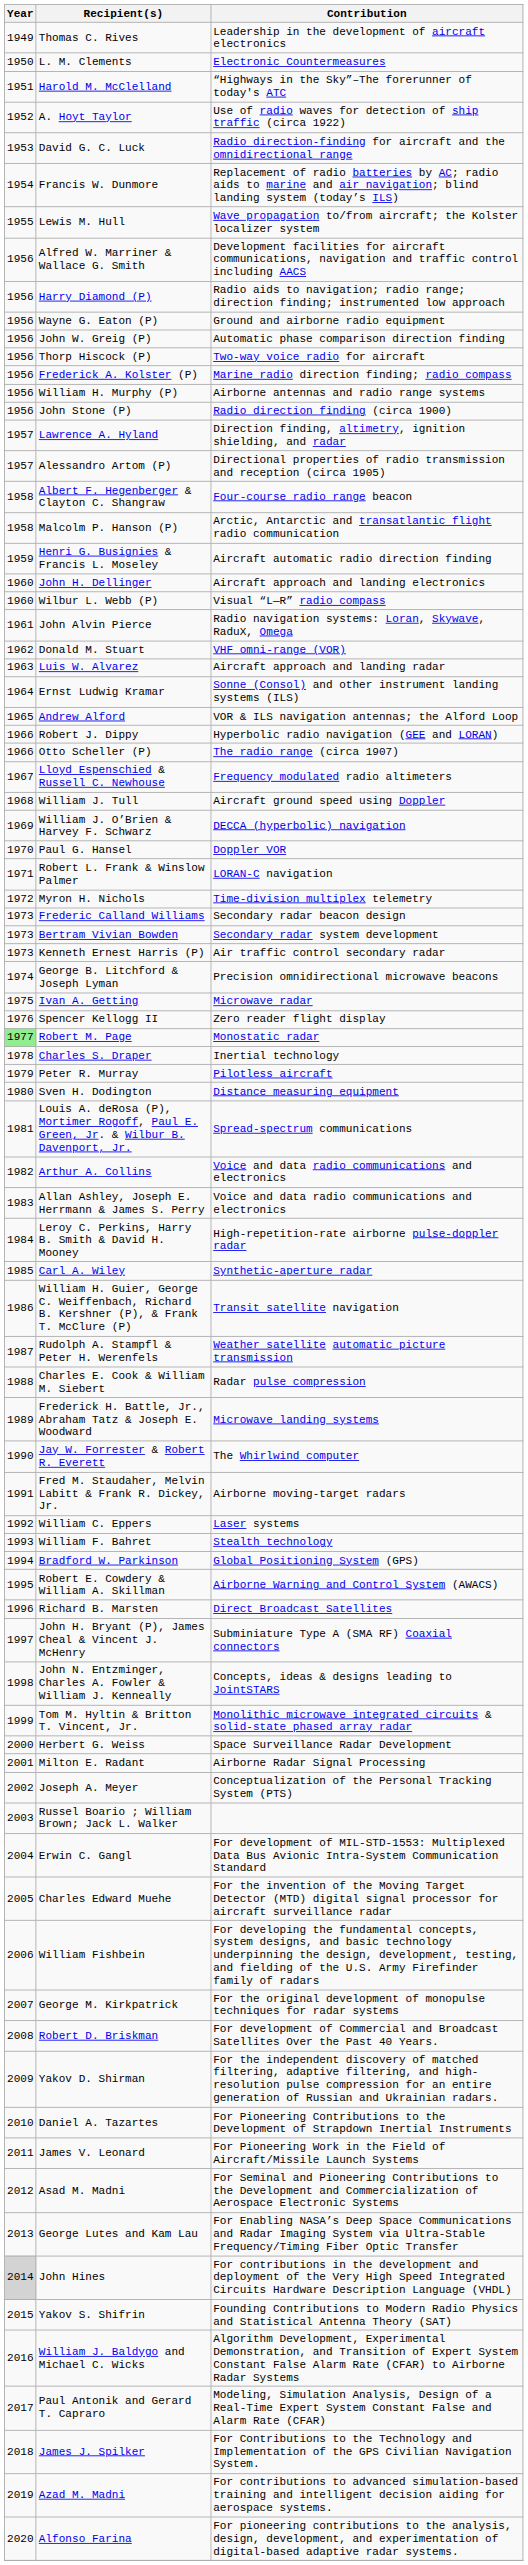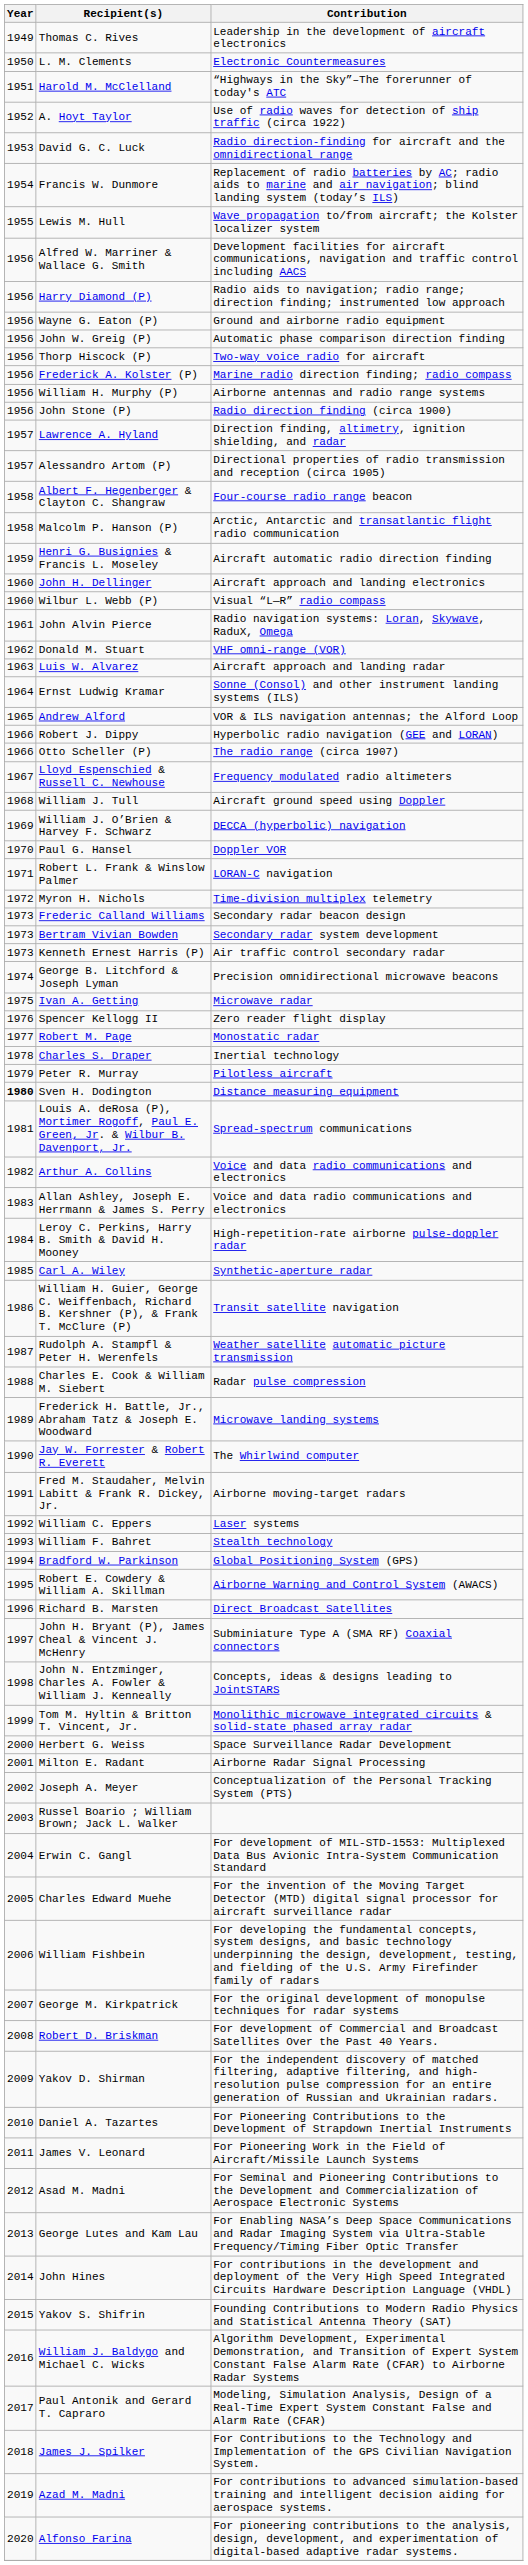 <table class="wikitable">
 <tr>
 <th>Year</th>
 <th>Recipient(s)</th>
 <th>Contribution</th>
 </tr>
 <tr>
 <td>1949</td>
 <td>Thomas C. Rives</td>
 <td>Leadership in the development of <a href='#'>aircraft</a> electronics</td>
 </tr>
 <tr>
 <td>1950</td>
 <td>L. M. Clements</td>
 <td><a href='#'>Electronic Countermeasures</a></td>
 </tr>
 <tr>
 <td>1951</td>
 <td><a href='#'>Harold M. McClelland</a></td>
 <td>“Highways in the Sky”–The forerunner of today's <a href='#'>ATC</a></td>
 </tr>
 <tr>
 <td>1952</td>
 <td>A. <a href='#'>Hoyt Taylor</a></td>
 <td>Use of <a href='#'>radio</a> waves for detection of <a href='#'>ship traffic</a> (circa 1922)</td>
 </tr>
 <tr>
 <td>1953</td>
 <td>David G. C. Luck</td>
 <td><a href='#'>Radio direction-finding</a> for aircraft and the <a href='#'>omnidirectional range</a></td>
 </tr>
 <tr>
 <td>1954</td>
 <td>Francis W. Dunmore</td>
 <td>Replacement of radio <a href='#'>batteries</a> by <a href='#'>AC</a>; radio aids to <a href='#'>marine</a> and <a href='#'>air navigation</a>; blind landing system (today’s <a href='#'>ILS</a>)</td>
 </tr>
 <tr>
 <td>1955</td>
 <td>Lewis M. Hull</td>
 <td><a href='#'>Wave propagation</a> to/from aircraft; the Kolster localizer system</td>
 </tr>
 <tr>
 <td>1956</td>
 <td>Alfred W. Marriner & Wallace G. Smith</td>
 <td>Development facilities for aircraft communications, navigation and traffic control including <a href='#'>AACS</a></td>
 </tr>
 <tr>
 <td>1956</td>
 <td><a href='#'>Harry Diamond (P)</a></td>
 <td>Radio aids to navigation; radio range; direction finding; instrumented low approach</td>
 </tr>
 <tr>
 <td>1956</td>
 <td>Wayne G. Eaton (P)</td>
 <td>Ground and airborne radio equipment</td>
 </tr>
 <tr>
 <td>1956</td>
 <td>John W. Greig (P)</td>
 <td>Automatic phase comparison direction finding</td>
 </tr>
 <tr>
 <td>1956</td>
 <td>Thorp Hiscock (P)</td>
 <td><a href='#'>Two-way voice radio</a> for aircraft</td>
 </tr>
 <tr>
 <td>1956</td>
 <td><a href='#'>Frederick A. Kolster</a> (P)</td>
 <td><a href='#'>Marine radio</a> direction finding; <a href='#'>radio compass</a></td>
 </tr>
 <tr>
 <td>1956</td>
 <td>William H. Murphy (P)</td>
 <td>Airborne antennas and radio range systems</td>
 </tr>
 <tr>
 <td>1956</td>
 <td>John Stone (P)</td>
 <td><a href='#'>Radio direction finding</a> (circa 1900)</td>
 </tr>
 <tr>
 <td>1957</td>
 <td><a href='#'>Lawrence A. Hyland</a></td>
 <td>Direction finding, <a href='#'>altimetry</a>, ignition shielding, and <a href='#'>radar</a></td>
 </tr>
 <tr>
 <td>1957</td>
 <td>Alessandro Artom (P)</td>
 <td>Directional properties of radio transmission and reception (circa 1905)</td>
 </tr>
 <tr>
 <td>1958</td>
 <td><a href='#'>Albert F. Hegenberger</a> & Clayton C. Shangraw</td>
 <td><a href='#'>Four-course radio range</a> beacon</td>
 </tr>
 <tr>
 <td>1958</td>
 <td>Malcolm P. Hanson (P)</td>
 <td>Arctic, Antarctic and <a href='#'>transatlantic flight</a> radio communication</td>
 </tr>
 <tr>
 <td>1959</td>
 <td><a href='#'>Henri G. Busignies</a> & Francis L. Moseley</td>
 <td>Aircraft automatic radio direction finding</td>
 </tr>
 <tr>
 <td>1960</td>
 <td><a href='#'>John H. Dellinger</a></td>
 <td>Aircraft approach and landing electronics</td>
 </tr>
 <tr>
 <td>1960</td>
 <td>Wilbur L. Webb (P)</td>
 <td>Visual “L—R” <a href='#'>radio compass</a></td>
 </tr>
 <tr>
 <td>1961</td>
 <td>John Alvin Pierce</td>
 <td>Radio navigation systems: <a href='#'>Loran</a>, <a href='#'>Skywave</a>, RaduX, <a href='#'>Omega</a></td>
 </tr>
 <tr>
 <td>1962</td>
 <td>Donald M. Stuart</td>
 <td><a href='#'>VHF omni-range (VOR)</a></td>
 </tr>
 <tr>
 <td>1963</td>
 <td><a href='#'>Luis W. Alvarez</a></td>
 <td>Aircraft approach and landing radar</td>
 </tr>
 <tr>
 <td>1964</td>
 <td>Ernst Ludwig Kramar</td>
 <td><a href='#'>Sonne (Consol)</a> and other instrument landing systems (ILS)</td>
 </tr>
 <tr>
 <td>1965</td>
 <td><a href='#'>Andrew Alford</a></td>
 <td>VOR & ILS navigation antennas; the Alford Loop</td>
 </tr>
 <tr>
 <td>1966</td>
 <td>Robert J. Dippy</td>
 <td>Hyperbolic radio navigation (<a href='#'>GEE</a> and <a href='#'>LORAN</a>)</td>
 </tr>
 <tr>
 <td>1966</td>
 <td>Otto Scheller (P)</td>
 <td><a href='#'>The radio range</a> (circa 1907)</td>
 </tr>
 <tr>
 <td>1967</td>
 <td><a href='#'>Lloyd Espenschied</a> & <a href='#'>Russell C. Newhouse</a></td>
 <td><a href='#'>Frequency modulated</a> radio altimeters</td>
 </tr>
 <tr>
 <td>1968</td>
 <td>William J. Tull</td>
 <td>Aircraft ground speed using <a href='#'>Doppler</a></td>
 </tr>
 <tr>
 <td>1969</td>
 <td>William J. O’Brien & Harvey F. Schwarz</td>
 <td><a href='#'>DECCA (hyperbolic) navigation</a></td>
 </tr>
 <tr>
 <td>1970</td>
 <td>Paul G. Hansel</td>
 <td><a href='#'>Doppler VOR</a></td>
 </tr>
 <tr>
 <td>1971</td>
 <td>Robert L. Frank & Winslow Palmer</td>
 <td><a href='#'>LORAN-C</a> navigation</td>
 </tr>
 <tr>
 <td>1972</td>
 <td>Myron H. Nichols</td>
 <td><a href='#'>Time-division multiplex</a> telemetry</td>
 </tr>
 <tr>
 <td>1973</td>
 <td><a href='#'>Frederic Calland Williams</a></td>
 <td>Secondary radar beacon design</td>
 </tr>
 <tr>
 <td>1973</td>
 <td><a href='#'>Bertram Vivian Bowden</a></td>
 <td><a href='#'>Secondary radar</a> system development</td>
 </tr>
 <tr>
 <td>1973</td>
 <td>Kenneth Ernest Harris (P)</td>
 <td>Air traffic control secondary radar</td>
 </tr>
 <tr>
 <td>1974</td>
 <td>George B. Litchford & Joseph Lyman</td>
 <td>Precision omnidirectional microwave beacons</td>
 </tr>
 <tr>
 <td>1975</td>
 <td><a href='#'>Ivan A. Getting</a></td>
 <td><a href='#'>Microwave radar</a></td>
 </tr>
 <tr>
 <td>1976</td>
 <td>Spencer Kellogg II</td>
 <td>Zero reader flight display</td>
 </tr>
 <tr>
-<td style="background: lightgreen;">1977</td>
+<td>1977</td>
 <td><a href='#'>Robert M. Page</a></td>
 <td><a href='#'>Monostatic radar</a></td>
 </tr>
 <tr>
 <td>1978</td>
 <td><a href='#'>Charles S. Draper</a></td>
 <td>Inertial technology</td>
 </tr>
 <tr>
 <td>1979</td>
 <td>Peter R. Murray</td>
 <td><a href='#'>Pilotless aircraft</a></td>
 </tr>
 <tr>
-<td>1980</td>
+<td><strong>1980</strong></td>
 <td>Sven H. Dodington</td>
 <td><a href='#'>Distance measuring equipment</a></td>
 </tr>
 <tr>
 <td>1981</td>
 <td>Louis A. deRosa (P), <a href='#'>Mortimer Rogoff</a>, <a href='#'>Paul E. Green, Jr</a>. & <a href='#'>Wilbur B. Davenport, Jr.</a></td>
 <td><a href='#'>Spread-spectrum</a> communications</td>
 </tr>
 <tr>
 <td>1982</td>
 <td><a href='#'>Arthur A. Collins</a></td>
 <td><a href='#'>Voice</a> and data <a href='#'>radio communications</a> and electronics</td>
 </tr>
 <tr>
 <td>1983</td>
 <td>Allan Ashley, Joseph E. Herrmann & James S. Perry</td>
 <td>Voice and data radio communications and electronics</td>
 </tr>
 <tr>
 <td>1984</td>
 <td>Leroy C. Perkins, Harry B. Smith & David H. Mooney</td>
 <td>High-repetition-rate airborne <a href='#'>pulse-doppler radar</a></td>
 </tr>
 <tr>
 <td>1985</td>
 <td><a href='#'>Carl A. Wiley</a></td>
 <td><a href='#'>Synthetic-aperture radar</a></td>
 </tr>
 <tr>
 <td>1986</td>
 <td>William H. Guier, George C. Weiffenbach, Richard B. Kershner (P), & Frank T. McClure (P)</td>
 <td><a href='#'>Transit satellite</a> navigation</td>
 </tr>
 <tr>
 <td>1987</td>
 <td>Rudolph A. Stampfl & Peter H. Werenfels</td>
 <td><a href='#'>Weather satellite</a> <a href='#'>automatic picture transmission</a></td>
 </tr>
 <tr>
 <td>1988</td>
 <td>Charles E. Cook & William M. Siebert</td>
 <td>Radar <a href='#'>pulse compression</a></td>
 </tr>
 <tr>
 <td>1989</td>
 <td>Frederick H. Battle, Jr., Abraham Tatz & Joseph E. Woodward</td>
 <td><a href='#'>Microwave landing systems</a></td>
 </tr>
 <tr>
 <td>1990</td>
 <td><a href='#'>Jay W. Forrester</a> & <a href='#'>Robert R. Everett</a></td>
 <td>The <a href='#'>Whirlwind computer</a></td>
 </tr>
 <tr>
 <td>1991</td>
 <td>Fred M. Staudaher, Melvin Labitt & Frank R. Dickey, Jr.</td>
 <td>Airborne moving-target radars</td>
 </tr>
 <tr>
 <td>1992</td>
 <td>William C. Eppers</td>
 <td><a href='#'>Laser</a> systems</td>
 </tr>
 <tr>
 <td>1993</td>
 <td>William F. Bahret</td>
 <td><a href='#'>Stealth technology</a></td>
 </tr>
 <tr>
 <td>1994</td>
 <td><a href='#'>Bradford W. Parkinson</a></td>
 <td><a href='#'>Global Positioning System</a> (GPS)</td>
 </tr>
 <tr>
 <td>1995</td>
 <td>Robert E. Cowdery & William A. Skillman</td>
 <td><a href='#'>Airborne Warning and Control System</a> (AWACS)</td>
 </tr>
 <tr>
 <td>1996</td>
 <td>Richard B. Marsten</td>
 <td><a href='#'>Direct Broadcast Satellites</a></td>
 </tr>
 <tr>
 <td>1997</td>
 <td>John H. Bryant (P), James Cheal & Vincent J. McHenry</td>
 <td>Subminiature Type A (SMA RF) <a href='#'>Coaxial connectors</a></td>
 </tr>
 <tr>
 <td>1998</td>
 <td>John N. Entzminger, Charles A. Fowler & William J. Kenneally</td>
 <td>Concepts, ideas & designs leading to <a href='#'>JointSTARS</a></td>
 </tr>
 <tr>
 <td>1999</td>
 <td>Tom M. Hyltin & Britton T. Vincent, Jr.</td>
 <td><a href='#'>Monolithic microwave integrated circuits</a> & <a href='#'>solid-state phased array radar</a></td>
 </tr>
 <tr>
 <td>2000</td>
 <td>Herbert G. Weiss</td>
 <td>Space Surveillance Radar Development</td>
 </tr>
 <tr>
 <td>2001</td>
 <td>Milton E. Radant</td>
 <td>Airborne Radar Signal Processing</td>
 </tr>
 <tr>
 <td>2002</td>
 <td>Joseph A. Meyer</td>
 <td>Conceptualization of the Personal Tracking System (PTS)</td>
 </tr>
 <tr>
 <td>2003</td>
 <td>Russel Boario ; William Brown; Jack L. Walker</td>
 <td></td>
 </tr>
 <tr>
 <td>2004</td>
 <td>Erwin C. Gangl</td>
 <td>For development of MIL-STD-1553: Multiplexed Data Bus Avionic Intra-System Communication Standard</td>
 </tr>
 <tr>
 <td>2005</td>
 <td>Charles Edward Muehe</td>
 <td>For the invention of the Moving Target Detector (MTD) digital signal processor for aircraft surveillance radar</td>
 </tr>
 <tr>
 <td>2006</td>
 <td>William Fishbein</td>
 <td>For developing the fundamental concepts, system designs, and basic technology underpinning the design, development, testing, and fielding of the U.S. Army Firefinder family of radars</td>
 </tr>
 <tr>
 <td>2007</td>
 <td>George M. Kirkpatrick</td>
 <td>For the original development of monopulse techniques for radar systems</td>
 </tr>
 <tr>
 <td>2008</td>
 <td><a href='#'>Robert D. Briskman</a></td>
 <td>For development of Commercial and Broadcast Satellites Over the Past 40 Years.</td>
 </tr>
 <tr>
 <td>2009</td>
 <td>Yakov D. Shirman</td>
 <td>For the independent discovery of matched filtering, adaptive filtering, and high-resolution pulse compression for an entire generation of Russian and Ukrainian radars.</td>
 </tr>
 <tr>
 <td>2010</td>
 <td>Daniel A. Tazartes</td>
 <td>For Pioneering Contributions to the Development of Strapdown Inertial Instruments</td>
 </tr>
 <tr>
 <td>2011</td>
 <td>James V. Leonard</td>
 <td>For Pioneering Work in the Field of Aircraft/Missile Launch Systems</td>
 </tr>
 <tr>
 <td>2012</td>
 <td>Asad M. Madni</td>
 <td>For Seminal and Pioneering Contributions to the Development and Commercialization of Aerospace Electronic Systems</td>
 </tr>
 <tr>
 <td>2013</td>
 <td>George Lutes and Kam Lau</td>
 <td>For Enabling NASA’s Deep Space Communications and Radar Imaging System via Ultra-Stable Frequency/Timing Fiber Optic Transfer</td>
 </tr>
 <tr>
-<td style="background: lightgrey;">2014</td>
+<td>2014</td>
 <td>John Hines</td>
 <td>For contributions in the development and deployment of the Very High Speed Integrated Circuits Hardware Description Language (VHDL)</td>
 </tr>
 <tr>
 <td>2015</td>
 <td>Yakov S. Shifrin</td>
 <td>Founding Contributions to Modern Radio Physics and Statistical Antenna Theory (SAT)</td>
 </tr>
 <tr>
 <td>2016</td>
 <td><a href='#'>William J. Baldygo</a> and Michael C. Wicks</td>
 <td>Algorithm Development, Experimental Demonstration, and Transition of Expert System Constant False Alarm Rate (CFAR) to Airborne Radar Systems</td>
 </tr>
 <tr>
 <td>2017</td>
 <td>Paul Antonik and Gerard T. Capraro</td>
 <td>Modeling, Simulation Analysis, Design of a Real-Time Expert System Constant False and Alarm Rate (CFAR)</td>
 </tr>
 <tr>
 <td>2018</td>
 <td><a href='#'>James J. Spilker</a></td>
 <td>For Contributions to the Technology and Implementation of the GPS Civilian Navigation System.</td>
 </tr>
 <tr>
 <td>2019</td>
 <td><a href='#'>Azad M. Madni</a></td>
 <td>For contributions to advanced simulation-based training and intelligent decision aiding for aerospace systems.</td>
 </tr>
 <tr>
 <td>2020</td>
 <td><a href='#'>Alfonso Farina</a></td>
 <td>For pioneering contributions to the analysis, design, development, and experimentation of digital-based adaptive radar systems.</td>
 </tr>
 <tr>
 </tr>
 </table>
